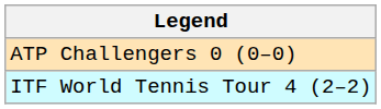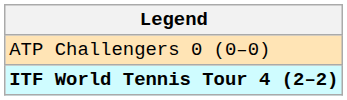 <table class=wikitable style=font-size:97%>
 <tr>
 <th>Legend</th>
 </tr>
 <tr style="background:moccasin;">
 <td>ATP Challengers 0 (0–0)</td>
 </tr>
 <tr style="background:#cffcff;">
-<td>ITF World Tennis Tour 4 (2–2)</td>
+<td><strong>ITF World Tennis Tour 4 (2–2)</strong></td>
 </tr>
 </table>
